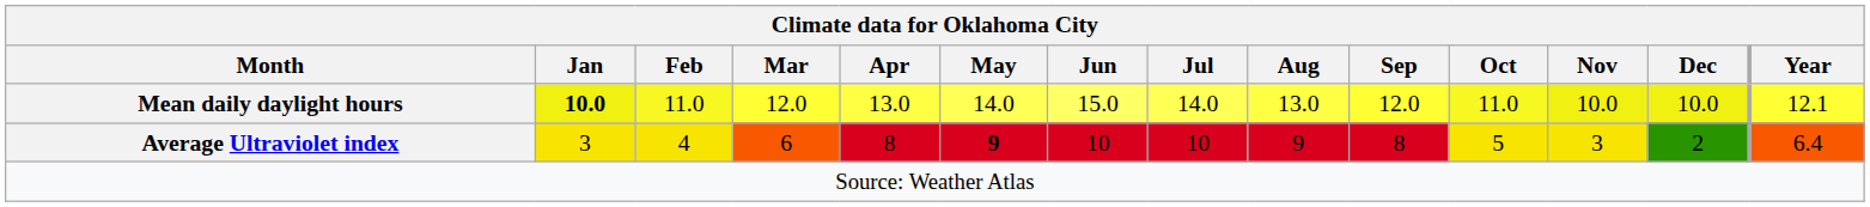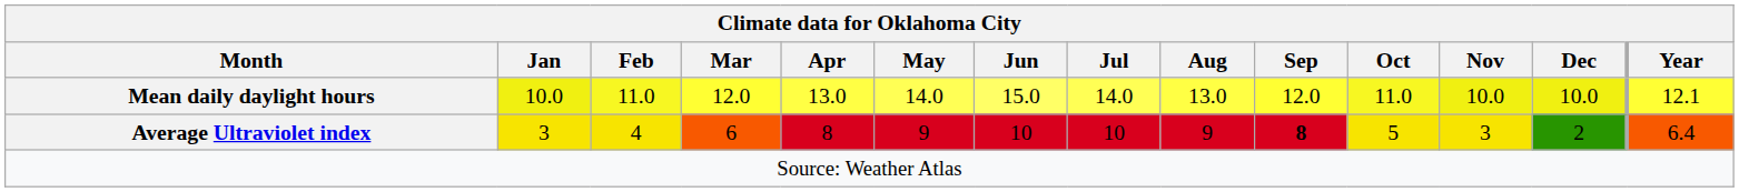 <table style="width:100%;text-align:center;line-height:1.2em;margin-left:auto;margin-right:auto" class="wikitable mw-collapsible mw-collapsed">
 <tr>
 <th Colspan=14>Climate data for Oklahoma City</th>
 </tr>
 <tr>
 <th>Month</th>
 <th>Jan</th>
 <th>Feb</th>
 <th>Mar</th>
 <th>Apr</th>
 <th>May</th>
 <th>Jun</th>
 <th>Jul</th>
 <th>Aug</th>
 <th>Sep</th>
 <th>Oct</th>
 <th>Nov</th>
 <th>Dec</th>
 <th style="border-left-width:medium">Year</th>
 </tr>
 <tr>
 <th>Mean daily daylight hours</th>
-<td style="background:#F0F011;color:#000000;"><strong>10.0</strong></td>
+<td style="background:#F0F011;color:#000000;">10.0</td>
 <td style="background:#F7F722;color:#000000;">11.0</td>
 <td style="background:#FFFF33;color:#000000;">12.0</td>
 <td style="background:#FFFF44;color:#000000;">13.0</td>
 <td style="background:#FFFF55;color:#000000;">14.0</td>
 <td style="background:#FFFF66;color:#000000;">15.0</td>
 <td style="background:#FFFF55;color:#000000;">14.0</td>
 <td style="background:#FFFF44;color:#000000;">13.0</td>
 <td style="background:#FFFF33;color:#000000;">12.0</td>
 <td style="background:#F7F722;color:#000000;">11.0</td>
 <td style="background:#F0F011;color:#000000;">10.0</td>
 <td style="background:#F0F011;color:#000000;">10.0</td>
 <td style="background:#FFFF34;color:#000000;border-left-width:medium">12.1</td>
 </tr>
 <tr>
 <th>Average <a href='#'>Ultraviolet index</a></th>
 <td style="background:#f7e400;color:#000000;">3</td>
 <td style="background:#f7e400;color:#000000;">4</td>
 <td style="background:#f85900;color:#000000;">6</td>
 <td style="background:#d8001d;color:#000000;">8</td>
-<td style="background:#d8001d;color:#000000;"><strong>9</strong></td>
+<td style="background:#d8001d;color:#000000;">9</td>
 <td style="background:#d8001d;color:#000000;">10</td>
 <td style="background:#d8001d;color:#000000;">10</td>
 <td style="background:#d8001d;color:#000000;">9</td>
-<td style="background:#d8001d;color:#000000;">8</td>
+<td style="background:#d8001d;color:#000000;"><strong>8</strong></td>
 <td style="background:#f7e400;color:#000000;">5</td>
 <td style="background:#f7e400;color:#000000;">3</td>
 <td style="background:#289500;color:#000000;">2</td>
 <td style="background:#f85900;color:#000000;border-left-width:medium">6.4</td>
 </tr>
 <tr>
 <th Colspan=14 style="background:#f8f9fa;font-weight:normal;font-size:95%;">Source: Weather Atlas </th>
 </tr>
 </table>
